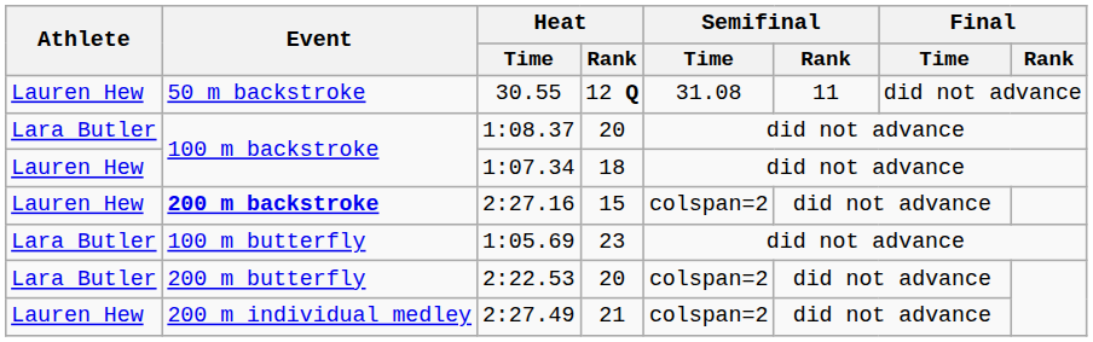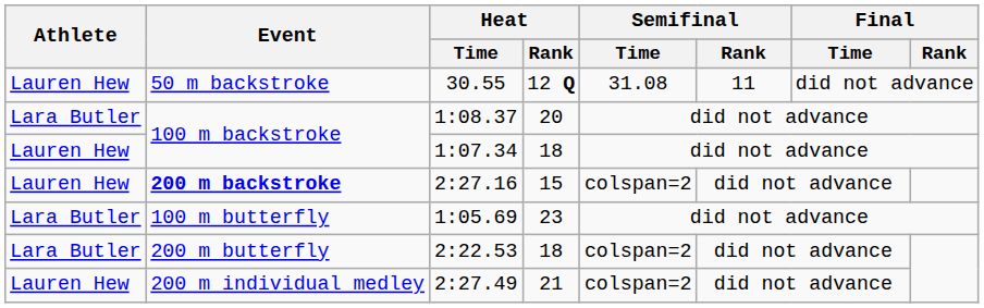 <table class=wikitable style=font-size:90%>
 <tr>
 <th rowspan=2>Athlete</th>
 <th rowspan=2>Event</th>
 <th colspan=2>Heat</th>
 <th colspan=2>Semifinal</th>
 <th colspan=2>Final</th>
 </tr>
 <tr style=font-size:95%>
 <th>Time</th>
 <th>Rank</th>
 <th>Time</th>
 <th>Rank</th>
 <th>Time</th>
 <th>Rank</th>
 </tr>
 <tr align=center>
 <td align=left><a href='#'>Lauren Hew</a></td>
 <td align=left><a href='#'>50 m backstroke</a></td>
 <td>30.55</td>
 <td>12 <strong>Q</strong></td>
 <td>31.08</td>
 <td>11</td>
 <td colspan=2>did not advance</td>
 </tr>
 <tr align=center>
 <td align=left><a href='#'>Lara Butler</a></td>
 <td align=left rowspan=2><a href='#'>100 m backstroke</a></td>
 <td>1:08.37</td>
 <td>20</td>
 <td colspan=4>did not advance</td>
 </tr>
 <tr align=center>
 <td align=left><a href='#'>Lauren Hew</a></td>
 <td>1:07.34</td>
 <td>18</td>
 <td colspan=4>did not advance</td>
 </tr>
 <tr align=center>
 <td align=left><a href='#'>Lauren Hew</a></td>
 <td align=left><strong><a href='#'>200 m backstroke</a></strong></td>
 <td>2:27.16</td>
 <td>15</td>
 <td>colspan=2 </td>
 <td colspan=2>did not advance</td>
 </tr>
 <tr align=center>
 <td align=left><a href='#'>Lara Butler</a></td>
 <td align=left><a href='#'>100 m butterfly</a></td>
 <td>1:05.69</td>
 <td>23</td>
 <td colspan=4>did not advance</td>
 </tr>
 <tr align=center>
 <td align=left><a href='#'>Lara Butler</a></td>
 <td align=left><a href='#'>200 m butterfly</a></td>
 <td>2:22.53</td>
-<td>20</td>
+<td>18</td>
 <td>colspan=2 </td>
 <td colspan=2>did not advance</td>
 </tr>
 <tr align=center>
 <td align=left><a href='#'>Lauren Hew</a></td>
 <td align=left><a href='#'>200 m individual medley</a></td>
 <td>2:27.49</td>
 <td>21</td>
 <td>colspan=2 </td>
 <td colspan=2>did not advance</td>
 </tr>
 </table>
